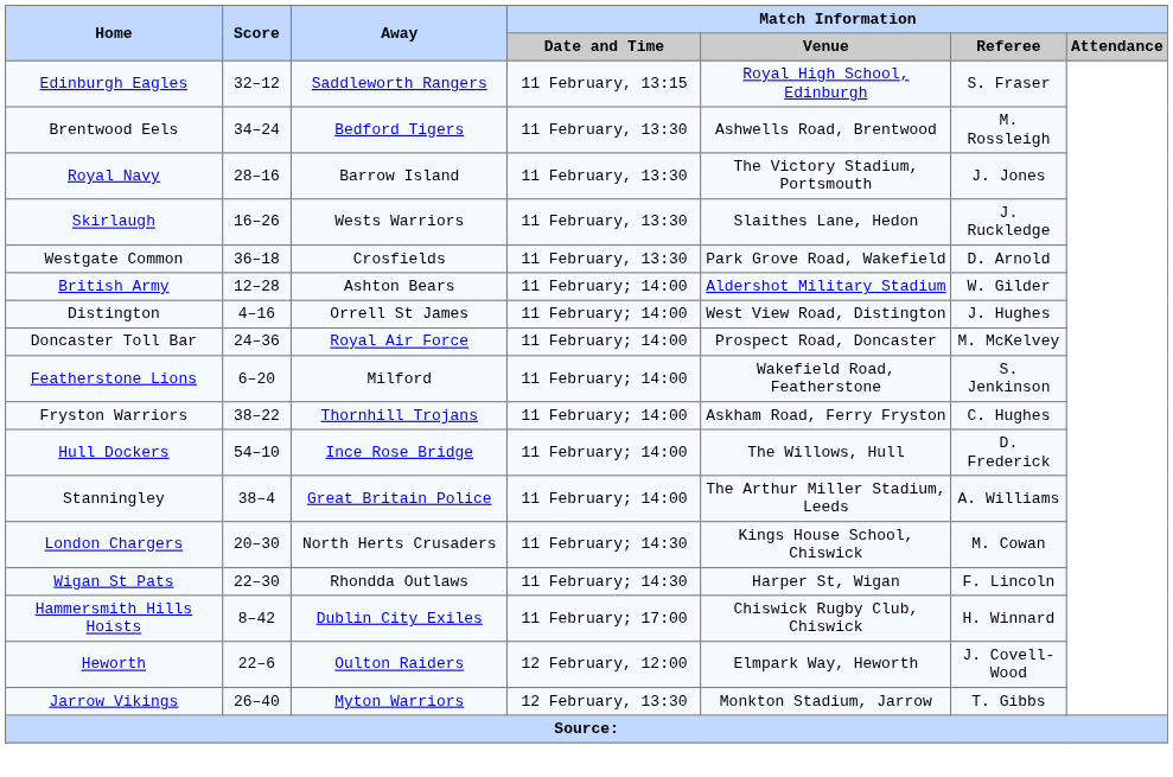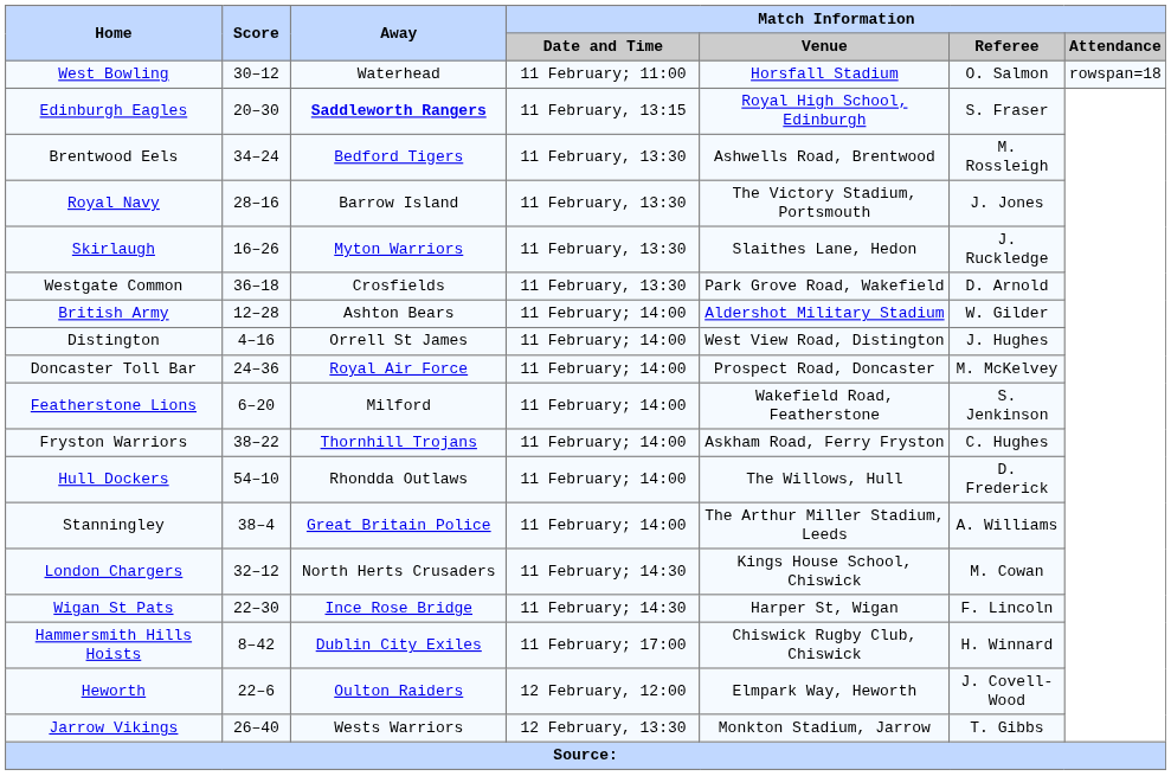 <table border=1 style="border-collapse:collapse; font-size:90%; text-align:center"; cellpadding=3 cellspacing=0 width=100%>
 <tr bgcolor="#c1d8ff">
 <th rowspan=2 width=19%>Home</th>
 <th rowspan=2 width=6%>Score</th>
 <th rowspan=2 width=19%>Away</th>
 <th colspan=4>Match Information</th>
 </tr>
 <tr bgcolor="#cccccc">
 <th width=17%>Date and Time</th>
 <th width=22%>Venue</th>
 <th width=10%>Referee</th>
 <th width=7%>Attendance</th>
 </tr>
 <tr bgcolor=#f5faff>
+<td><a href='#'>West Bowling</a></td>
+<td>30–12</td>
+<td>Waterhead</td>
+<td>11 February; 11:00</td>
+<td><a href='#'>Horsfall Stadium</a></td>
+<td>O. Salmon</td>
+<td>rowspan=18 </td>
+</tr>
+<tr bgcolor=#f5faff>
 <td><a href='#'>Edinburgh Eagles</a></td>
-<td>32–12</td>
-<td><a href='#'>Saddleworth Rangers</a></td>
+<td>20–30</td>
+<td><strong><a href='#'>Saddleworth Rangers</a></strong></td>
 <td>11 February, 13:15</td>
 <td><a href='#'>Royal High School, Edinburgh</a></td>
 <td>S. Fraser</td>
 </tr>
 <tr bgcolor=#f5faff>
 <td>Brentwood Eels</td>
 <td>34–24</td>
 <td><a href='#'>Bedford Tigers</a></td>
 <td>11 February, 13:30</td>
 <td>Ashwells Road, Brentwood</td>
 <td>M. Rossleigh</td>
 </tr>
 <tr bgcolor=#f5faff>
 <td><a href='#'>Royal Navy</a></td>
 <td>28–16</td>
 <td>Barrow Island</td>
 <td>11 February, 13:30</td>
 <td>The Victory Stadium, Portsmouth</td>
 <td>J. Jones</td>
 </tr>
 <tr bgcolor=#f5faff>
 <td><a href='#'>Skirlaugh</a></td>
 <td>16–26</td>
-<td>Wests Warriors</td>
+<td><a href='#'>Myton Warriors</a></td>
 <td>11 February, 13:30</td>
 <td>Slaithes Lane, Hedon</td>
 <td>J. Ruckledge</td>
 </tr>
 <tr bgcolor=#f5faff>
 <td>Westgate Common</td>
 <td>36–18</td>
 <td>Crosfields</td>
 <td>11 February, 13:30</td>
 <td>Park Grove Road, Wakefield</td>
 <td>D. Arnold</td>
 </tr>
 <tr bgcolor=#f5faff>
 <td><a href='#'>British Army</a></td>
 <td>12–28</td>
 <td>Ashton Bears</td>
 <td>11 February; 14:00</td>
 <td><a href='#'>Aldershot Military Stadium</a></td>
 <td>W. Gilder</td>
 </tr>
 <tr bgcolor=#f5faff>
 <td>Distington</td>
 <td>4–16</td>
 <td>Orrell St James</td>
 <td>11 February; 14:00</td>
 <td>West View Road, Distington</td>
 <td>J. Hughes</td>
 </tr>
 <tr bgcolor=#f5faff>
 <td>Doncaster Toll Bar</td>
 <td>24–36</td>
 <td><a href='#'>Royal Air Force</a></td>
 <td>11 February; 14:00</td>
 <td>Prospect Road, Doncaster</td>
 <td>M. McKelvey</td>
 </tr>
 <tr bgcolor=#f5faff>
 <td><a href='#'>Featherstone Lions</a></td>
 <td>6–20</td>
 <td>Milford</td>
 <td>11 February; 14:00</td>
 <td>Wakefield Road, Featherstone</td>
 <td>S. Jenkinson</td>
 </tr>
 <tr bgcolor=#f5faff>
 <td>Fryston Warriors</td>
 <td>38–22</td>
 <td><a href='#'>Thornhill Trojans</a></td>
 <td>11 February; 14:00</td>
 <td>Askham Road, Ferry Fryston</td>
 <td>C. Hughes</td>
 </tr>
 <tr bgcolor=#f5faff>
 <td><a href='#'>Hull Dockers</a></td>
 <td>54–10</td>
-<td><a href='#'>Ince Rose Bridge</a></td>
+<td>Rhondda Outlaws</td>
 <td>11 February; 14:00</td>
 <td>The Willows, Hull</td>
 <td>D. Frederick</td>
 </tr>
 <tr bgcolor=#f5faff>
 <td>Stanningley</td>
 <td>38–4</td>
 <td><a href='#'>Great Britain Police</a></td>
 <td>11 February; 14:00</td>
 <td>The Arthur Miller Stadium, Leeds</td>
 <td>A. Williams</td>
 </tr>
 <tr bgcolor=#f5faff>
 <td><a href='#'>London Chargers</a></td>
-<td>20–30</td>
+<td>32–12</td>
 <td>North Herts Crusaders</td>
 <td>11 February; 14:30</td>
 <td>Kings House School, Chiswick</td>
 <td>M. Cowan</td>
 </tr>
 <tr bgcolor=#f5faff>
 <td><a href='#'>Wigan St Pats</a></td>
 <td>22–30</td>
-<td>Rhondda Outlaws</td>
+<td><a href='#'>Ince Rose Bridge</a></td>
 <td>11 February; 14:30</td>
 <td>Harper St, Wigan</td>
 <td>F. Lincoln</td>
 </tr>
 <tr bgcolor=#f5faff>
 <td><a href='#'>Hammersmith Hills Hoists</a></td>
 <td>8–42</td>
 <td><a href='#'>Dublin City Exiles</a></td>
 <td>11 February; 17:00</td>
 <td>Chiswick Rugby Club, Chiswick</td>
 <td>H. Winnard</td>
 </tr>
 <tr bgcolor=#f5faff>
 <td><a href='#'>Heworth</a></td>
 <td>22–6</td>
 <td><a href='#'>Oulton Raiders</a></td>
 <td>12 February, 12:00</td>
 <td>Elmpark Way, Heworth</td>
 <td>J. Covell-Wood</td>
 </tr>
 <tr bgcolor=#f5faff>
 <td><a href='#'>Jarrow Vikings</a></td>
 <td>26–40</td>
-<td><a href='#'>Myton Warriors</a></td>
+<td>Wests Warriors</td>
 <td>12 February, 13:30</td>
 <td>Monkton Stadium, Jarrow</td>
 <td>T. Gibbs</td>
 </tr>
 <tr bgcolor=#c1d8ff>
 <th colspan=7>Source:</th>
 </tr>
 </table>
